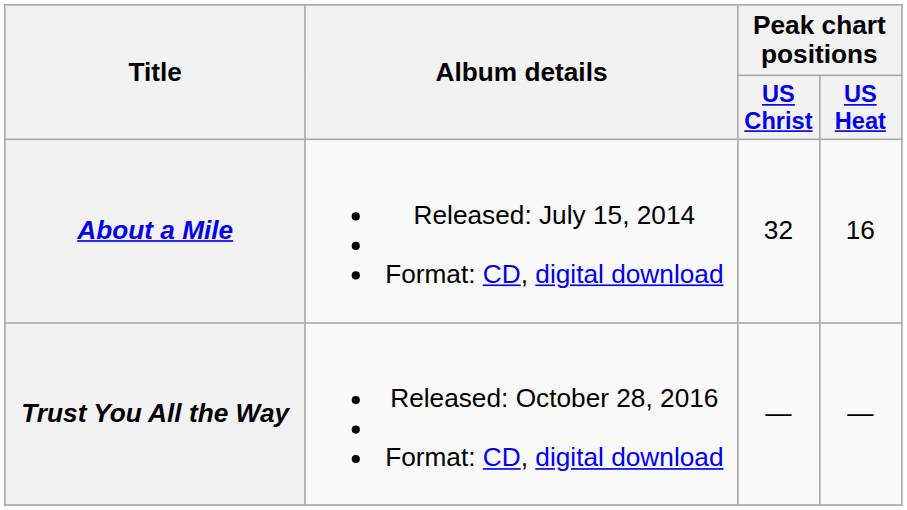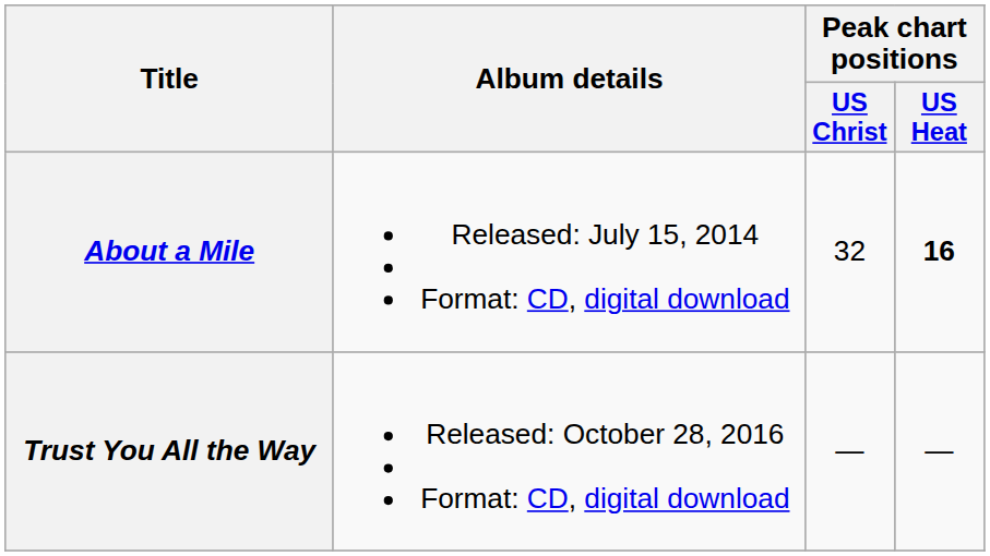 <table class="wikitable plainrowheaders" style="text-align:center;">
 <tr>
 <th scope="col" rowspan="2" style="width:11em;">Title</th>
 <th scope="col" rowspan="2" style="width:16em;">Album details</th>
 <th scope="col" colspan="2">Peak chart positions</th>
 </tr>
 <tr>
 <th style="width:3em; font-size:90%"><a href='#'>US<br>Christ</a><br></th>
 <th style="width:3em; font-size:90%"><a href='#'>US<br>Heat</a><br></th>
 </tr>
 <tr>
 <th scope="row"><em><a href='#'>About a Mile</a></em></th>
 <td><br><ul><li>Released: July 15, 2014</li><li></li><li>Format: <a href='#'>CD</a>, <a href='#'>digital download</a></li></ul></td>
 <td>32</td>
-<td>16</td>
+<td><strong>16</strong></td>
 </tr>
 <tr>
 <th scope="row"><em>Trust You All the Way</em></th>
 <td><br><ul><li>Released: October 28, 2016</li><li></li><li>Format: <a href='#'>CD</a>, <a href='#'>digital download</a></li></ul></td>
 <td>—</td>
 <td>—</td>
 </tr>
 </table>
